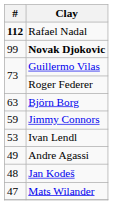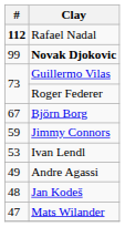 <table class="wikitable" style="display:inline-table;">
 <tr>
 <th>#</th>
 <th>Clay</th>
 </tr>
 <tr>
 <td><strong>112</strong></td>
 <td> Rafael Nadal</td>
 </tr>
 <tr>
 <td>99</td>
 <td><strong> Novak Djokovic</strong></td>
 </tr>
 <tr>
 <td rowspan=2>73</td>
 <td> <a href='#'>Guillermo Vilas</a></td>
 </tr>
 <tr>
 <td> Roger Federer</td>
 </tr>
 <tr>
-<td>63</td>
+<td>67</td>
 <td> <a href='#'>Björn Borg</a></td>
 </tr>
 <tr>
 <td>59</td>
 <td> <a href='#'>Jimmy Connors</a></td>
 </tr>
 <tr>
 <td>53</td>
 <td> Ivan Lendl</td>
 </tr>
 <tr>
 <td>49</td>
 <td> Andre Agassi</td>
 </tr>
 <tr>
 <td>48</td>
 <td> <a href='#'>Jan Kodeš</a></td>
 </tr>
 <tr>
 <td>47</td>
 <td> <a href='#'>Mats Wilander</a></td>
 </tr>
 <tr>
 </tr>
 </table>
